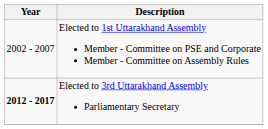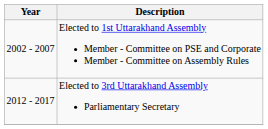 <table class="wikitable">
 <tr>
 <th>Year</th>
 <th>Description</th>
 </tr>
 <tr>
 <td>2002 - 2007</td>
 <td>Elected to <a href='#'>1st Uttarakhand Assembly</a><br><ul><li>Member - Committee on PSE and Corporate </li><li>Member - Committee on Assembly Rules </li></ul></td>
 </tr>
 <tr>
-<td><strong>2012 - 2017</strong></td>
+<td>2012 - 2017</td>
 <td>Elected to <a href='#'>3rd Uttarakhand Assembly</a><br><ul><li>Parliamentary Secretary</li></ul></td>
 </tr>
 <tr>
 </tr>
 </table>
